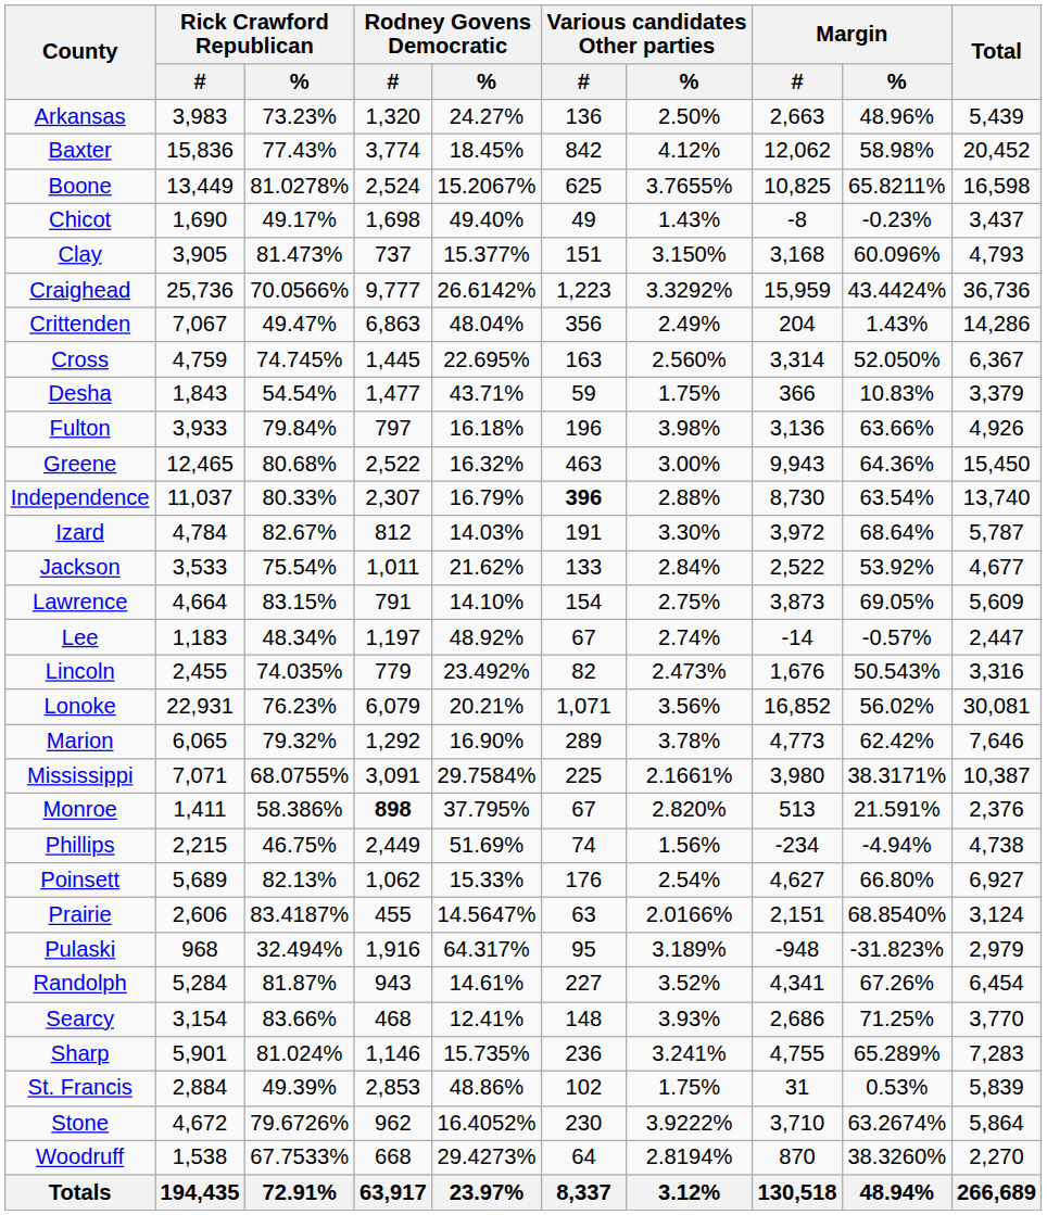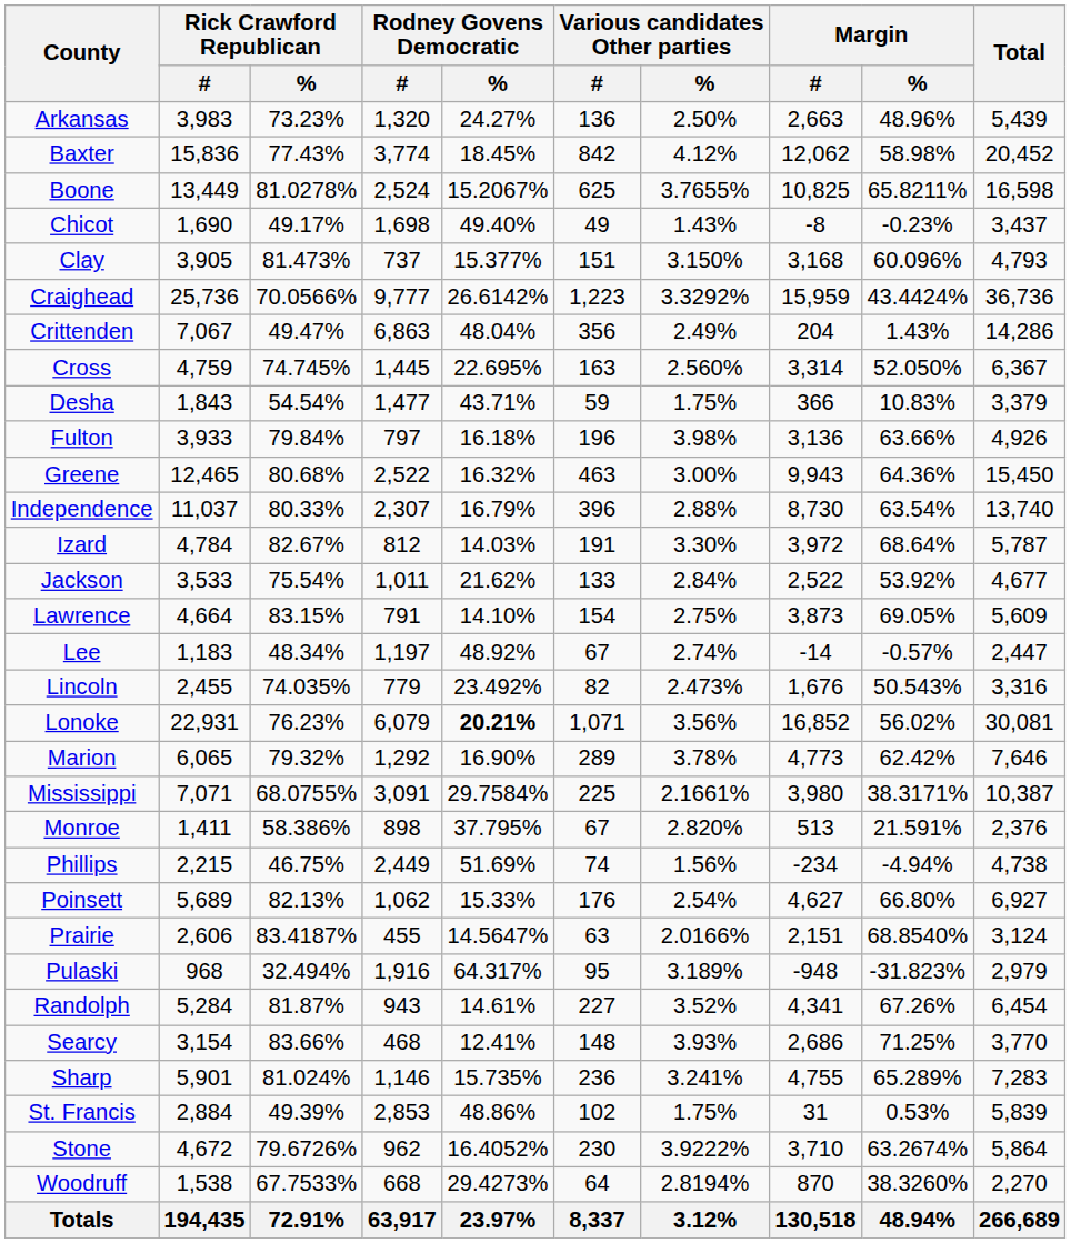 <table width="60%" class="wikitable sortable">
 <tr>
 <th rowspan="2">County</th>
 <th colspan="2">Rick Crawford<br>Republican</th>
 <th colspan="2">Rodney Govens<br>Democratic</th>
 <th colspan="2">Various candidates<br>Other parties</th>
 <th colspan="2">Margin</th>
 <th rowspan="2">Total</th>
 </tr>
 <tr>
 <th style="text-align:center;" data-sort-type="number">#</th>
 <th style="text-align:center;" data-sort-type="number">%</th>
 <th style="text-align:center;" data-sort-type="number">#</th>
 <th style="text-align:center;" data-sort-type="number">%</th>
 <th style="text-align:center;" data-sort-type="number">#</th>
 <th style="text-align:center;" data-sort-type="number">%</th>
 <th style="text-align:center;" data-sort-type="number">#</th>
 <th style="text-align:center;" data-sort-type="number">%</th>
 </tr>
 <tr style="text-align:center;">
 <td><a href='#'>Arkansas</a></td>
 <td>3,983</td>
 <td>73.23%</td>
 <td>1,320</td>
 <td>24.27%</td>
 <td>136</td>
 <td>2.50%</td>
 <td>2,663</td>
 <td>48.96%</td>
 <td>5,439</td>
 </tr>
 <tr style="text-align:center;">
 <td><a href='#'>Baxter</a></td>
 <td>15,836</td>
 <td>77.43%</td>
 <td>3,774</td>
 <td>18.45%</td>
 <td>842</td>
 <td>4.12%</td>
 <td>12,062</td>
 <td>58.98%</td>
 <td>20,452</td>
 </tr>
 <tr style="text-align:center;">
 <td><a href='#'>Boone</a></td>
 <td>13,449</td>
 <td>81.0278%</td>
 <td>2,524</td>
 <td>15.2067%</td>
 <td>625</td>
 <td>3.7655%</td>
 <td>10,825</td>
 <td>65.8211%</td>
 <td>16,598</td>
 </tr>
 <tr style="text-align:center;">
 <td><a href='#'>Chicot</a></td>
 <td>1,690</td>
 <td>49.17%</td>
 <td>1,698</td>
 <td>49.40%</td>
 <td>49</td>
 <td>1.43%</td>
 <td>-8</td>
 <td>-0.23%</td>
 <td>3,437</td>
 </tr>
 <tr style="text-align:center;">
 <td><a href='#'>Clay</a></td>
 <td>3,905</td>
 <td>81.473%</td>
 <td>737</td>
 <td>15.377%</td>
 <td>151</td>
 <td>3.150%</td>
 <td>3,168</td>
 <td>60.096%</td>
 <td>4,793</td>
 </tr>
 <tr style="text-align:center;">
 <td><a href='#'>Craighead</a></td>
 <td>25,736</td>
 <td>70.0566%</td>
 <td>9,777</td>
 <td>26.6142%</td>
 <td>1,223</td>
 <td>3.3292%</td>
 <td>15,959</td>
 <td>43.4424%</td>
 <td>36,736</td>
 </tr>
 <tr style="text-align:center;">
 <td><a href='#'>Crittenden</a></td>
 <td>7,067</td>
 <td>49.47%</td>
 <td>6,863</td>
 <td>48.04%</td>
 <td>356</td>
 <td>2.49%</td>
 <td>204</td>
 <td>1.43%</td>
 <td>14,286</td>
 </tr>
 <tr style="text-align:center;">
 <td><a href='#'>Cross</a></td>
 <td>4,759</td>
 <td>74.745%</td>
 <td>1,445</td>
 <td>22.695%</td>
 <td>163</td>
 <td>2.560%</td>
 <td>3,314</td>
 <td>52.050%</td>
 <td>6,367</td>
 </tr>
 <tr style="text-align:center;">
 <td><a href='#'>Desha</a></td>
 <td>1,843</td>
 <td>54.54%</td>
 <td>1,477</td>
 <td>43.71%</td>
 <td>59</td>
 <td>1.75%</td>
 <td>366</td>
 <td>10.83%</td>
 <td>3,379</td>
 </tr>
 <tr style="text-align:center;">
 <td><a href='#'>Fulton</a></td>
 <td>3,933</td>
 <td>79.84%</td>
 <td>797</td>
 <td>16.18%</td>
 <td>196</td>
 <td>3.98%</td>
 <td>3,136</td>
 <td>63.66%</td>
 <td>4,926</td>
 </tr>
 <tr style="text-align:center;">
 <td><a href='#'>Greene</a></td>
 <td>12,465</td>
 <td>80.68%</td>
 <td>2,522</td>
 <td>16.32%</td>
 <td>463</td>
 <td>3.00%</td>
 <td>9,943</td>
 <td>64.36%</td>
 <td>15,450</td>
 </tr>
 <tr style="text-align:center;">
 <td><a href='#'>Independence</a></td>
 <td>11,037</td>
 <td>80.33%</td>
 <td>2,307</td>
 <td>16.79%</td>
-<td><strong>396</strong></td>
+<td>396</td>
 <td>2.88%</td>
 <td>8,730</td>
 <td>63.54%</td>
 <td>13,740</td>
 </tr>
 <tr style="text-align:center;">
 <td><a href='#'>Izard</a></td>
 <td>4,784</td>
 <td>82.67%</td>
 <td>812</td>
 <td>14.03%</td>
 <td>191</td>
 <td>3.30%</td>
 <td>3,972</td>
 <td>68.64%</td>
 <td>5,787</td>
 </tr>
 <tr style="text-align:center;">
 <td><a href='#'>Jackson</a></td>
 <td>3,533</td>
 <td>75.54%</td>
 <td>1,011</td>
 <td>21.62%</td>
 <td>133</td>
 <td>2.84%</td>
 <td>2,522</td>
 <td>53.92%</td>
 <td>4,677</td>
 </tr>
 <tr style="text-align:center;">
 <td><a href='#'>Lawrence</a></td>
 <td>4,664</td>
 <td>83.15%</td>
 <td>791</td>
 <td>14.10%</td>
 <td>154</td>
 <td>2.75%</td>
 <td>3,873</td>
 <td>69.05%</td>
 <td>5,609</td>
 </tr>
 <tr style="text-align:center;">
 <td><a href='#'>Lee</a></td>
 <td>1,183</td>
 <td>48.34%</td>
 <td>1,197</td>
 <td>48.92%</td>
 <td>67</td>
 <td>2.74%</td>
 <td>-14</td>
 <td>-0.57%</td>
 <td>2,447</td>
 </tr>
 <tr style="text-align:center;">
 <td><a href='#'>Lincoln</a></td>
 <td>2,455</td>
 <td>74.035%</td>
 <td>779</td>
 <td>23.492%</td>
 <td>82</td>
 <td>2.473%</td>
 <td>1,676</td>
 <td>50.543%</td>
 <td>3,316</td>
 </tr>
 <tr style="text-align:center;">
 <td><a href='#'>Lonoke</a></td>
 <td>22,931</td>
 <td>76.23%</td>
 <td>6,079</td>
-<td>20.21%</td>
+<td><strong>20.21%</strong></td>
 <td>1,071</td>
 <td>3.56%</td>
 <td>16,852</td>
 <td>56.02%</td>
 <td>30,081</td>
 </tr>
 <tr style="text-align:center;">
 <td><a href='#'>Marion</a></td>
 <td>6,065</td>
 <td>79.32%</td>
 <td>1,292</td>
 <td>16.90%</td>
 <td>289</td>
 <td>3.78%</td>
 <td>4,773</td>
 <td>62.42%</td>
 <td>7,646</td>
 </tr>
 <tr style="text-align:center;">
 <td><a href='#'>Mississippi</a></td>
 <td>7,071</td>
 <td>68.0755%</td>
 <td>3,091</td>
 <td>29.7584%</td>
 <td>225</td>
 <td>2.1661%</td>
 <td>3,980</td>
 <td>38.3171%</td>
 <td>10,387</td>
 </tr>
 <tr style="text-align:center;">
 <td><a href='#'>Monroe</a></td>
 <td>1,411</td>
 <td>58.386%</td>
-<td><strong>898</strong></td>
+<td>898</td>
 <td>37.795%</td>
 <td>67</td>
 <td>2.820%</td>
 <td>513</td>
 <td>21.591%</td>
 <td>2,376</td>
 </tr>
 <tr style="text-align:center;">
 <td><a href='#'>Phillips</a></td>
 <td>2,215</td>
 <td>46.75%</td>
 <td>2,449</td>
 <td>51.69%</td>
 <td>74</td>
 <td>1.56%</td>
 <td>-234</td>
 <td>-4.94%</td>
 <td>4,738</td>
 </tr>
 <tr style="text-align:center;">
 <td><a href='#'>Poinsett</a></td>
 <td>5,689</td>
 <td>82.13%</td>
 <td>1,062</td>
 <td>15.33%</td>
 <td>176</td>
 <td>2.54%</td>
 <td>4,627</td>
 <td>66.80%</td>
 <td>6,927</td>
 </tr>
 <tr style="text-align:center;">
 <td><a href='#'>Prairie</a></td>
 <td>2,606</td>
 <td>83.4187%</td>
 <td>455</td>
 <td>14.5647%</td>
 <td>63</td>
 <td>2.0166%</td>
 <td>2,151</td>
 <td>68.8540%</td>
 <td>3,124</td>
 </tr>
 <tr style="text-align:center;">
 <td><a href='#'>Pulaski</a></td>
 <td>968</td>
 <td>32.494%</td>
 <td>1,916</td>
 <td>64.317%</td>
 <td>95</td>
 <td>3.189%</td>
 <td>-948</td>
 <td>-31.823%</td>
 <td>2,979</td>
 </tr>
 <tr style="text-align:center;">
 <td><a href='#'>Randolph</a></td>
 <td>5,284</td>
 <td>81.87%</td>
 <td>943</td>
 <td>14.61%</td>
 <td>227</td>
 <td>3.52%</td>
 <td>4,341</td>
 <td>67.26%</td>
 <td>6,454</td>
 </tr>
 <tr style="text-align:center;">
 <td><a href='#'>Searcy</a></td>
 <td>3,154</td>
 <td>83.66%</td>
 <td>468</td>
 <td>12.41%</td>
 <td>148</td>
 <td>3.93%</td>
 <td>2,686</td>
 <td>71.25%</td>
 <td>3,770</td>
 </tr>
 <tr style="text-align:center;">
 <td><a href='#'>Sharp</a></td>
 <td>5,901</td>
 <td>81.024%</td>
 <td>1,146</td>
 <td>15.735%</td>
 <td>236</td>
 <td>3.241%</td>
 <td>4,755</td>
 <td>65.289%</td>
 <td>7,283</td>
 </tr>
 <tr style="text-align:center;">
 <td><a href='#'>St. Francis</a></td>
 <td>2,884</td>
 <td>49.39%</td>
 <td>2,853</td>
 <td>48.86%</td>
 <td>102</td>
 <td>1.75%</td>
 <td>31</td>
 <td>0.53%</td>
 <td>5,839</td>
 </tr>
 <tr style="text-align:center;">
 <td><a href='#'>Stone</a></td>
 <td>4,672</td>
 <td>79.6726%</td>
 <td>962</td>
 <td>16.4052%</td>
 <td>230</td>
 <td>3.9222%</td>
 <td>3,710</td>
 <td>63.2674%</td>
 <td>5,864</td>
 </tr>
 <tr style="text-align:center;">
 <td><a href='#'>Woodruff</a></td>
 <td>1,538</td>
 <td>67.7533%</td>
 <td>668</td>
 <td>29.4273%</td>
 <td>64</td>
 <td>2.8194%</td>
 <td>870</td>
 <td>38.3260%</td>
 <td>2,270</td>
 </tr>
 <tr>
 <th>Totals</th>
 <th>194,435</th>
 <th>72.91%</th>
 <th>63,917</th>
 <th>23.97%</th>
 <th>8,337</th>
 <th>3.12%</th>
 <th>130,518</th>
 <th>48.94%</th>
 <th>266,689</th>
 </tr>
 </table>
